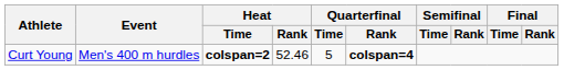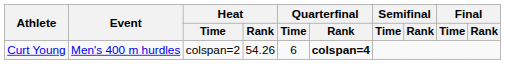 <table class=wikitable style=font-size:90%;text-align:center>
 <tr>
 <th rowspan=2>Athlete</th>
 <th rowspan=2>Event</th>
 <th colspan=2>Heat</th>
 <th colspan=2>Quarterfinal</th>
 <th colspan=2>Semifinal</th>
 <th colspan=2>Final</th>
 </tr>
 <tr style=font-size:95%>
 <th>Time</th>
 <th>Rank</th>
 <th>Time</th>
 <th>Rank</th>
 <th>Time</th>
 <th>Rank</th>
 <th>Time</th>
 <th>Rank</th>
 </tr>
 <tr>
 <td align=left><a href='#'>Curt Young</a></td>
 <td align=left><a href='#'>Men's 400 m hurdles</a></td>
-<td><strong>colspan=2 </strong></td>
-<td>52.46</td>
-<td>5</td>
+<td>colspan=2 </td>
+<td>54.26</td>
+<td>6</td>
 <td><strong>colspan=4 </strong></td>
 </tr>
 </table>
